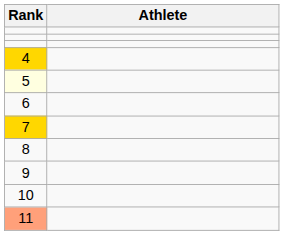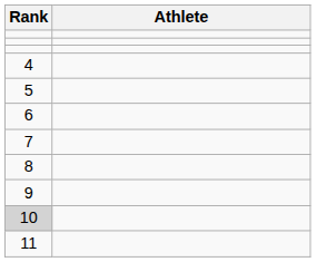 <table class="wikitable" style="text-align: center;">
 <tr>
 <th width=40>Rank</th>
 <th width=250>Athlete</th>
 </tr>
 <tr>
 <td></td>
 <td align="left"></td>
 </tr>
 <tr>
 <td></td>
 <td align="left"></td>
 </tr>
 <tr>
 <td></td>
 <td align="left"></td>
 </tr>
 <tr>
-<td style="background: gold;">4</td>
+<td>4</td>
 <td align="left"></td>
 </tr>
 <tr>
-<td style="background: lightyellow;">5</td>
+<td>5</td>
 <td align="left"></td>
 </tr>
 <tr>
 <td>6</td>
 <td align="left"></td>
 </tr>
 <tr>
-<td style="background: gold;">7</td>
+<td>7</td>
 <td align="left"></td>
 </tr>
 <tr>
 <td>8</td>
 <td align="left"></td>
 </tr>
 <tr>
 <td>9</td>
 <td align="left"></td>
 </tr>
 <tr>
-<td>10</td>
+<td style="background: lightgrey;">10</td>
 <td align="left"></td>
 </tr>
 <tr>
-<td style="background: lightsalmon;">11</td>
+<td>11</td>
 <td align="left"></td>
 </tr>
 </table>
